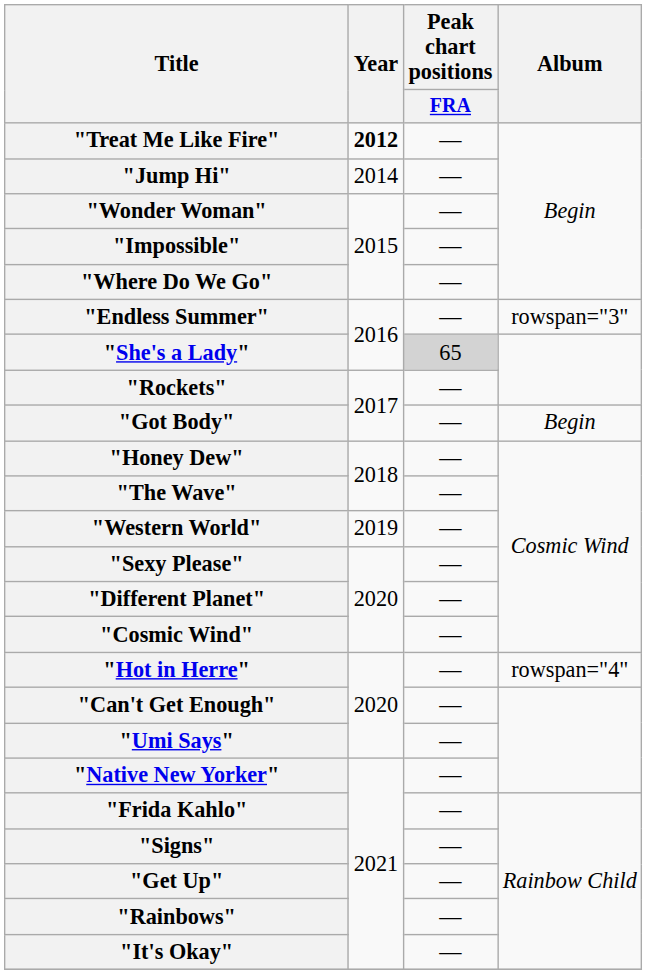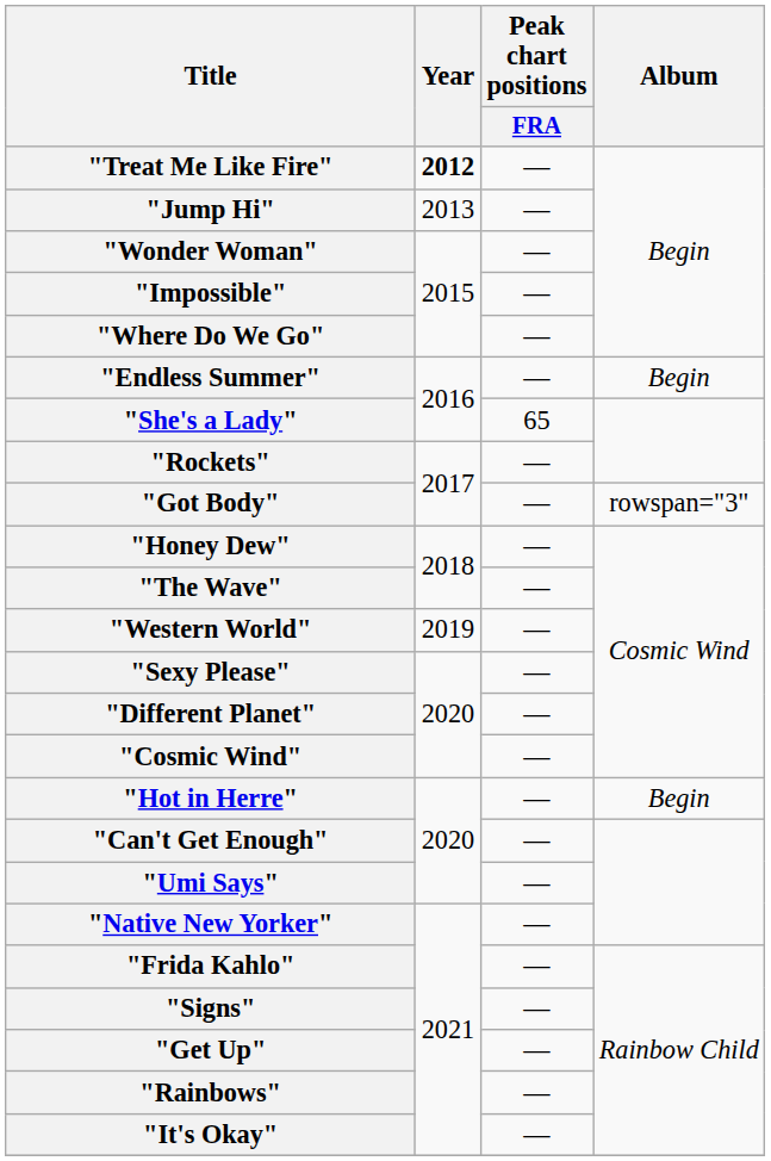 <table class="wikitable plainrowheaders" style="text-align:center;">
 <tr>
 <th scope="col" rowspan="2" style="width:15em;">Title</th>
 <th scope="col" rowspan="2">Year</th>
 <th scope="col" colspan="1">Peak chart positions</th>
 <th scope="col" rowspan="2">Album</th>
 </tr>
 <tr>
 <th style="width:3em;font-size:90%;"><a href='#'>FRA</a><br></th>
 </tr>
 <tr>
 <th scope="row">"Treat Me Like Fire"</th>
 <td><strong>2012</strong></td>
 <td>—</td>
 <td rowspan="5"><em>Begin</em></td>
 </tr>
 <tr>
 <th scope="row">"Jump Hi"<br></th>
-<td>2014</td>
+<td>2013</td>
 <td>—</td>
 </tr>
 <tr>
 <th scope="row">"Wonder Woman"</th>
 <td rowspan="3">2015</td>
 <td>—</td>
 </tr>
 <tr>
 <th scope="row">"Impossible"</th>
 <td>—</td>
 </tr>
 <tr>
 <th scope="row">"Where Do We Go"</th>
 <td>—</td>
 </tr>
 <tr>
 <th scope="row">"Endless Summer"</th>
 <td rowspan="2">2016</td>
 <td>—</td>
-<td>rowspan="3" </td>
+<td><em>Begin</em></td>
 </tr>
 <tr>
 <th scope="row">"<a href='#'>She's a Lady</a>"</th>
-<td style="background: lightgrey;">65</td>
+<td>65</td>
 </tr>
 <tr>
 <th scope="row">"Rockets"<br></th>
 <td rowspan="2">2017</td>
 <td>—</td>
 </tr>
 <tr>
 <th scope="row">"Got Body"</th>
 <td>—</td>
-<td><em>Begin</em></td>
+<td>rowspan="3" </td>
 </tr>
 <tr>
 <th scope="row">"Honey Dew"</th>
 <td rowspan="2">2018</td>
 <td>—</td>
 <td rowspan="6"><em>Cosmic Wind</em></td>
 </tr>
 <tr>
 <th scope="row">"The Wave"<br></th>
 <td>—</td>
 </tr>
 <tr>
 <th scope="row">"Western World"<br></th>
 <td>2019</td>
 <td>—</td>
 </tr>
 <tr>
 <th scope="row">"Sexy Please"</th>
 <td rowspan="3">2020</td>
 <td>—</td>
 </tr>
 <tr>
 <th scope="row">"Different Planet"</th>
 <td>—</td>
 </tr>
 <tr>
 <th scope="row">"Cosmic Wind"</th>
 <td>—</td>
 </tr>
 <tr>
 <th scope="row">"<a href='#'>Hot in Herre</a>"</th>
 <td rowspan="3">2020</td>
 <td>—</td>
-<td>rowspan="4" </td>
+<td><em>Begin</em></td>
 </tr>
 <tr>
 <th scope="row">"Can't Get Enough"</th>
 <td>—</td>
 </tr>
 <tr>
 <th scope="row">"<a href='#'>Umi Says</a>"</th>
 <td>—</td>
 </tr>
 <tr>
 <th scope="row">"<a href='#'>Native New Yorker</a>"</th>
 <td rowspan="6">2021</td>
 <td>—</td>
 </tr>
 <tr>
 <th scope="row">"Frida Kahlo"</th>
 <td>—</td>
 <td rowspan="5"><em>Rainbow Child</em></td>
 </tr>
 <tr>
 <th scope="row">"Signs"<br></th>
 <td>—</td>
 </tr>
 <tr>
 <th scope="row">"Get Up"<br></th>
 <td>—</td>
 </tr>
 <tr>
 <th scope="row">"Rainbows"<br></th>
 <td>—</td>
 </tr>
 <tr>
 <th scope="row">"It's Okay"<br></th>
 <td>—</td>
 </tr>
 <tr>
 </tr>
 </table>
